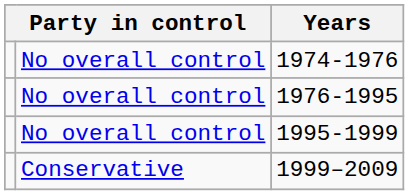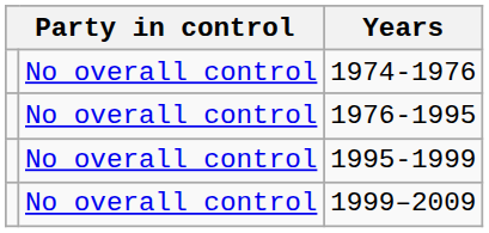 <table class="wikitable">
 <tr>
 <th colspan="2">Party in control</th>
 <th>Years</th>
 </tr>
 <tr>
 <td style="background-color: "></td>
 <td><a href='#'>No overall control</a></td>
 <td>1974-1976</td>
 </tr>
 <tr>
 <td style="background-color: "></td>
 <td><a href='#'>No overall control</a></td>
 <td>1976-1995</td>
 </tr>
 <tr>
 <td style="background-color: "></td>
 <td><a href='#'>No overall control</a></td>
 <td>1995-1999</td>
 </tr>
 <tr>
 <td style="background-color: "></td>
-<td><a href='#'>Conservative</a></td>
+<td><a href='#'>No overall control</a></td>
 <td>1999–2009</td>
 </tr>
 </table>
